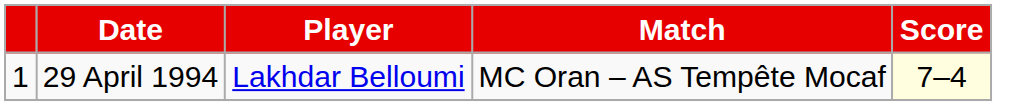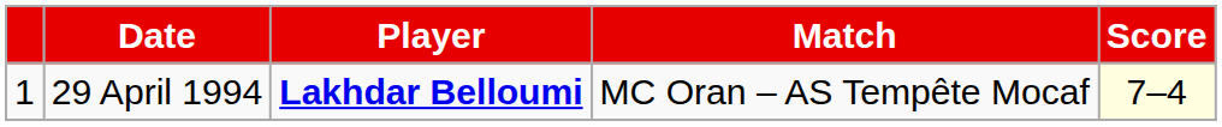 <table border="0" class="wikitable" style="text-align:center;font-size:95%">
 <tr>
 <th style="color:#FFFFFF; background:#E60000;"></th>
 <th style="color:#FFFFFF; background:#E60000;">Date</th>
 <th style="color:#FFFFFF; background:#E60000;">Player</th>
 <th style="color:#FFFFFF; background:#E60000;">Match</th>
 <th width="35" style="color:#FFFFFF; background:#E60000;">Score</th>
 </tr>
 <tr>
 <td align=left>1</td>
 <td align=left>29 April 1994</td>
-<td align=left><a href='#'>Lakhdar Belloumi</a></td>
+<td align=left><strong><a href='#'>Lakhdar Belloumi</a></strong></td>
 <td align=left>MC Oran – AS Tempête Mocaf</td>
 <td align=center style="background: lightyellow;">7–4</td>
 </tr>
 <tr>
 </tr>
 </table>
